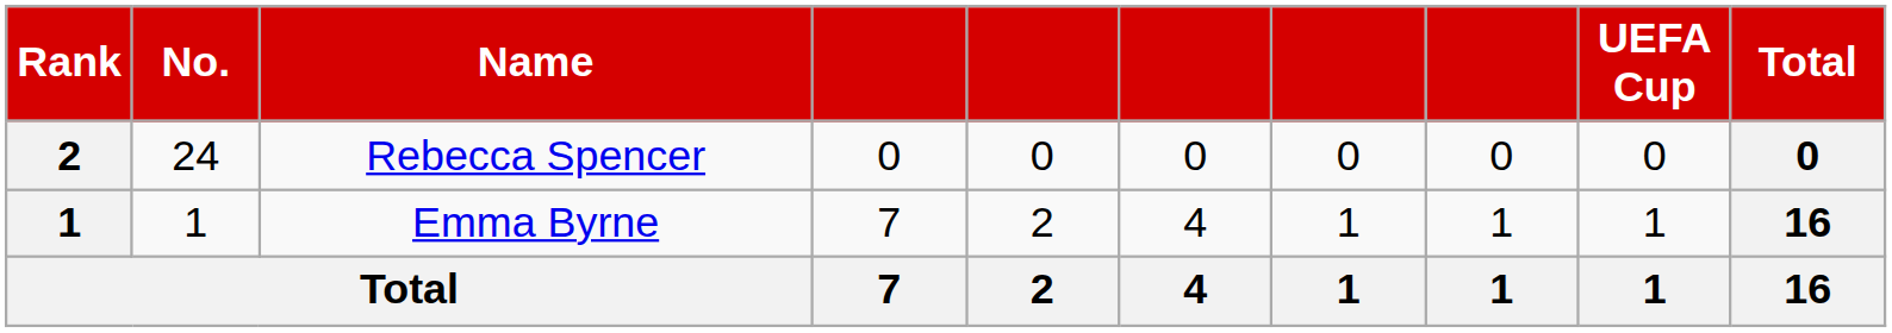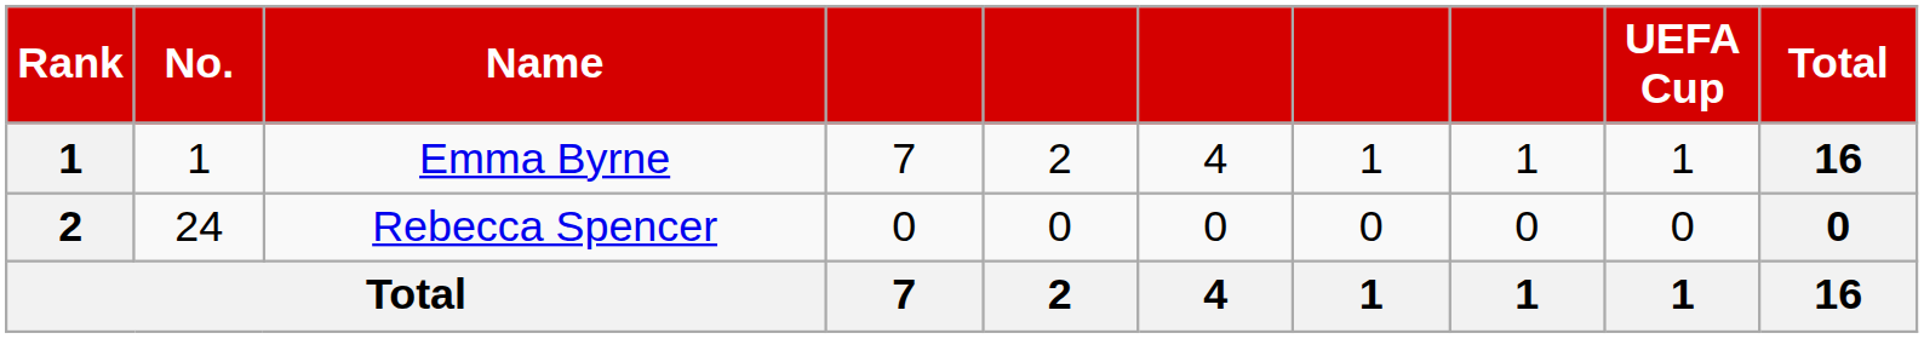 <table class="wikitable" style="text-align:center; font-size:100%; ">
 <tr>
 <th style="background:#d50000; color:white; text-align:center; width:40px">Rank</th>
 <th style="background:#d50000; color:white; text-align:center; width:40px">No.</th>
 <th style="background:#d50000; color:white; text-align:center; width:200px">Name</th>
 <th style="background:#d50000; color:white; text-align:center; width:50px;"></th>
 <th style="background:#d50000; color:white; text-align:center; width:50px;"></th>
 <th style="background:#d50000; color:white; text-align:center; width:50px;"></th>
 <th style="background:#d50000; color:white; text-align:center; width:50px;"></th>
 <th style="background:#d50000; color:white; text-align:center; width:50px;"></th>
 <th style="background:#d50000; color:white; text-align:center; width:50px;">UEFA Cup</th>
 <th style="background:#d50000; color:white; text-align:center; width:50px;">Total</th>
 </tr>
 <tr>
+<th>1</th>
+<td>1</td>
+<td> <a href='#'>Emma Byrne</a></td>
+<td>7</td>
+<td>2</td>
+<td>4</td>
+<td>1</td>
+<td>1</td>
+<td>1</td>
+<th>16</th>
+</tr>
+<tr>
 <th>2</th>
 <td>24</td>
 <td><em></em> <a href='#'>Rebecca Spencer</a></td>
 <td>0</td>
 <td>0</td>
 <td>0</td>
 <td>0</td>
 <td>0</td>
 <td>0</td>
 <th>0</th>
 </tr>
 <tr>
-<th>1</th>
-<td>1</td>
-<td> <a href='#'>Emma Byrne</a></td>
-<td>7</td>
-<td>2</td>
-<td>4</td>
-<td>1</td>
-<td>1</td>
-<td>1</td>
-<th>16</th>
-</tr>
-<tr>
 <th colspan="3">Total</th>
 <th>7</th>
 <th>2</th>
 <th>4</th>
 <th>1</th>
 <th>1</th>
 <th>1</th>
 <th>16</th>
 </tr>
 </table>
